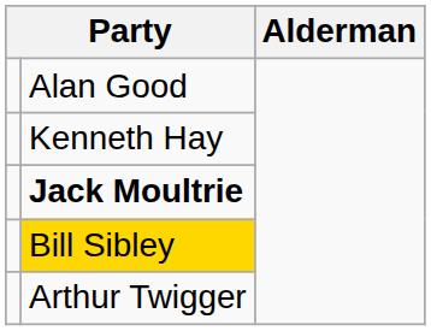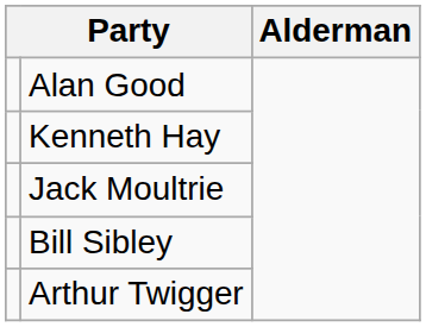 <table class="wikitable">
 <tr>
 <th colspan="2">Party</th>
 <th>Alderman</th>
 </tr>
 <tr>
 <td></td>
 <td>Alan Good</td>
 </tr>
 <tr>
 <td></td>
 <td>Kenneth Hay</td>
 </tr>
 <tr>
 <td></td>
-<td><strong>Jack Moultrie</strong></td>
+<td>Jack Moultrie</td>
 </tr>
 <tr>
 <td></td>
-<td style="background: gold;">Bill Sibley</td>
+<td>Bill Sibley</td>
 </tr>
 <tr>
 <td></td>
 <td>Arthur Twigger</td>
 </tr>
 </table>
